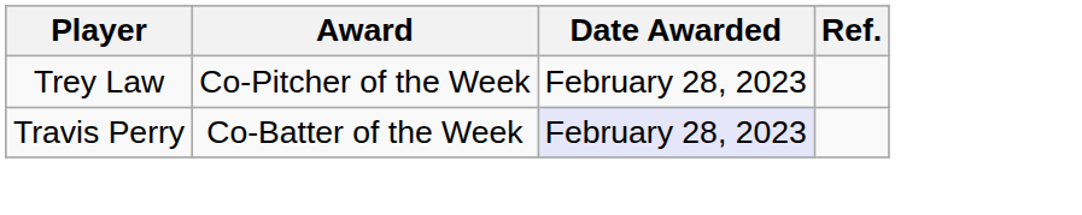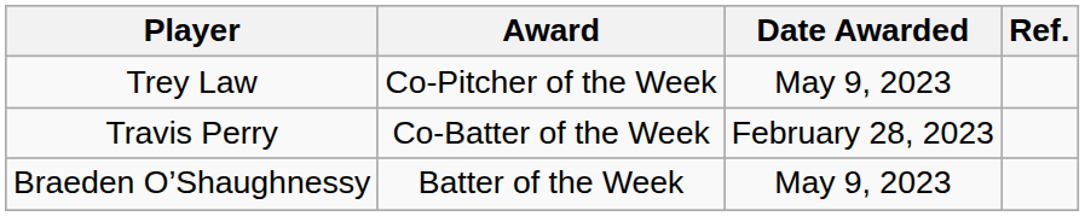 <table class="wikitable sortable sortable" style="text-align: center">
 <tr align=center>
 <th>Player</th>
 <th>Award</th>
 <th>Date Awarded</th>
 <th>Ref.</th>
 </tr>
 <tr>
 <td>Trey Law</td>
 <td rowspan="1">Co-Pitcher of the Week</td>
-<td rowspan="1">February 28, 2023</td>
+<td rowspan="1">May 9, 2023</td>
 <td rowspan="1"></td>
 </tr>
 <tr>
 <td>Travis Perry</td>
 <td rowspan="1">Co-Batter of the Week</td>
-<td rowspan="1" style="background: lavender;">February 28, 2023</td>
+<td rowspan="1">February 28, 2023</td>
+<td rowspan="1"></td>
+</tr>
+<tr>
+<td>Braeden O’Shaughnessy</td>
+<td rowspan="1">Batter of the Week</td>
+<td rowspan="1">May 9, 2023</td>
 <td rowspan="1"></td>
 </tr>
 </table>
